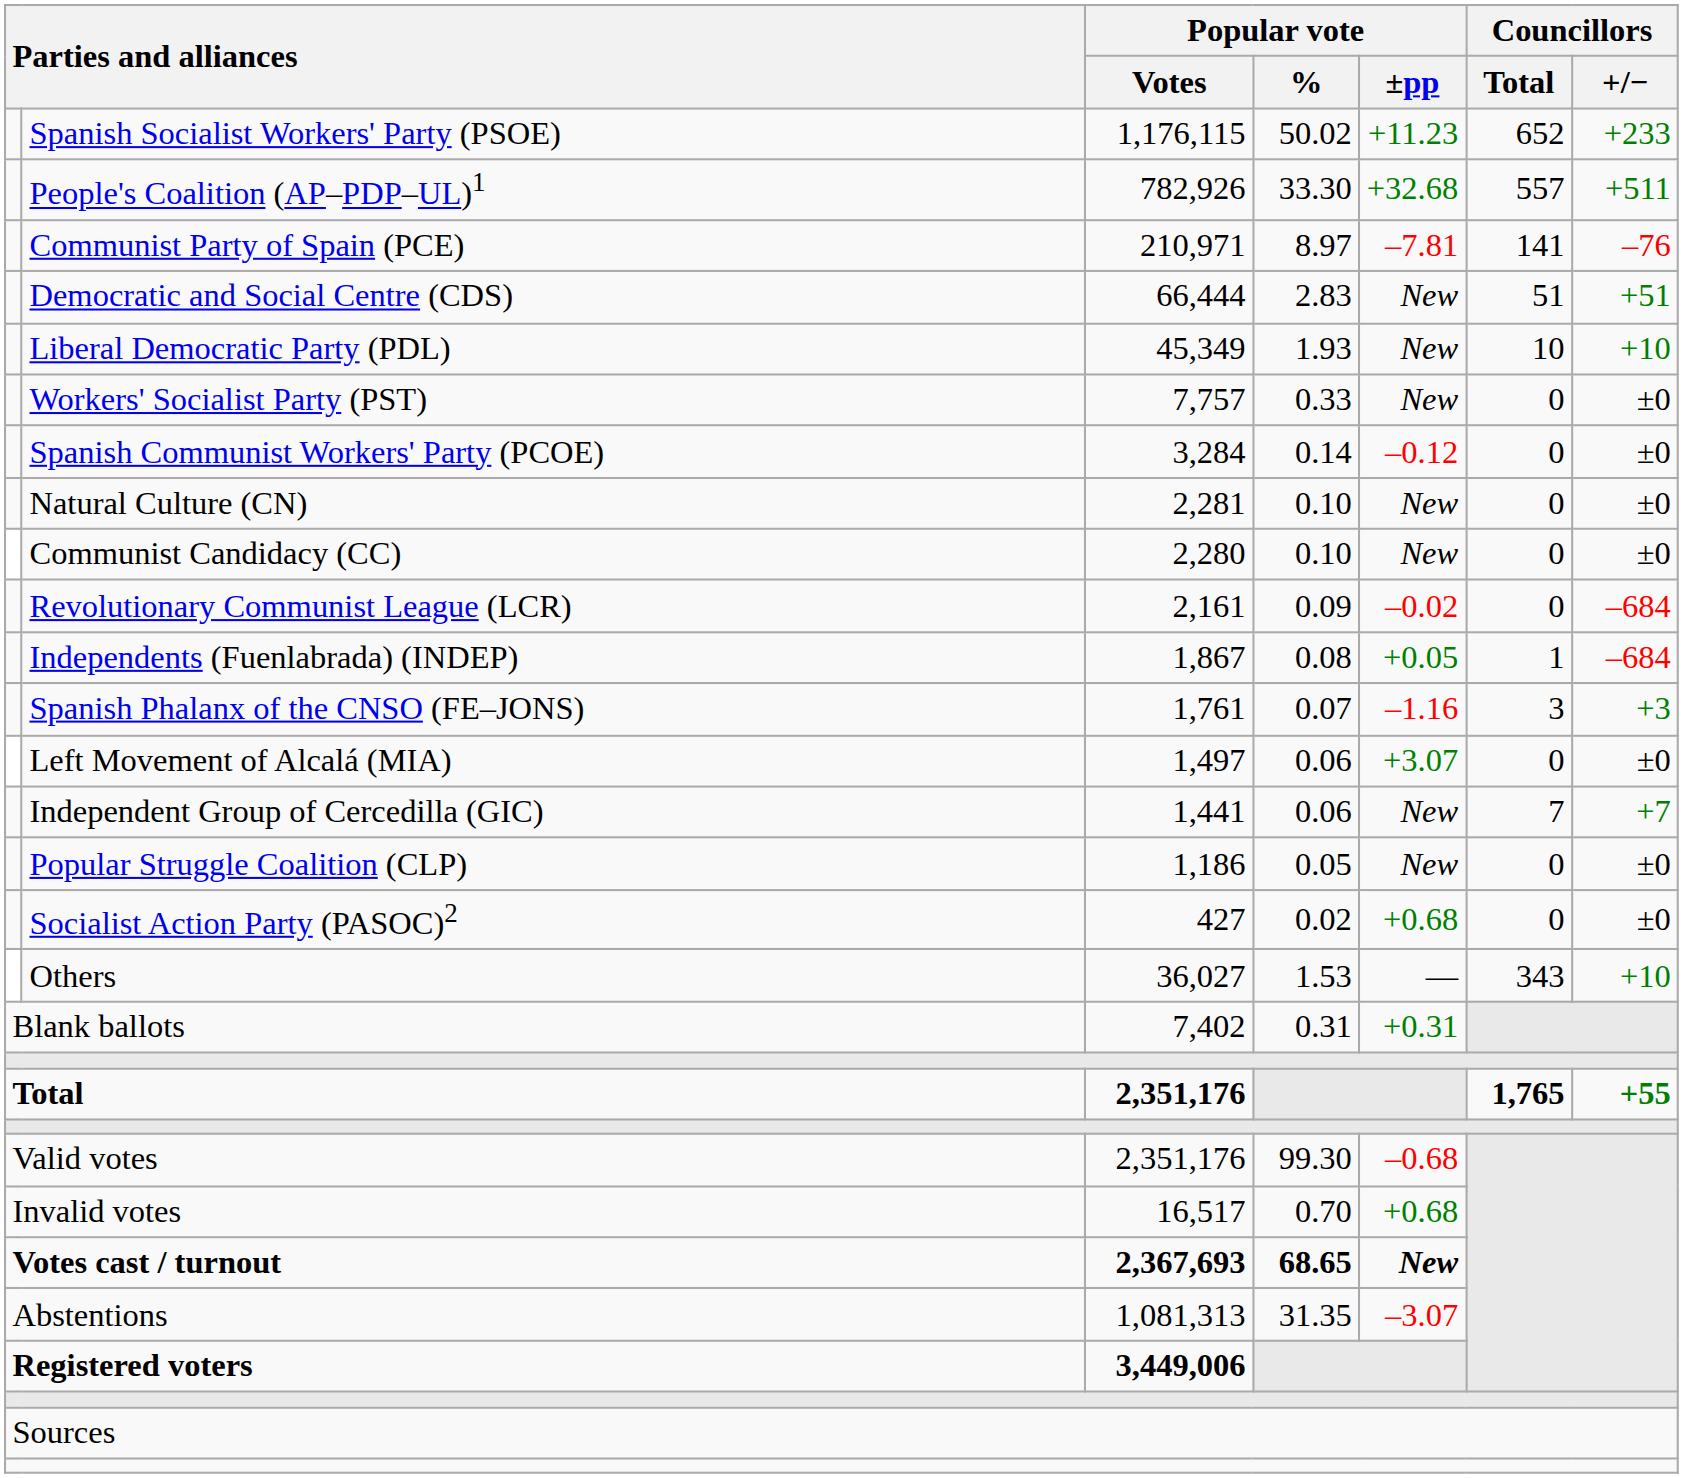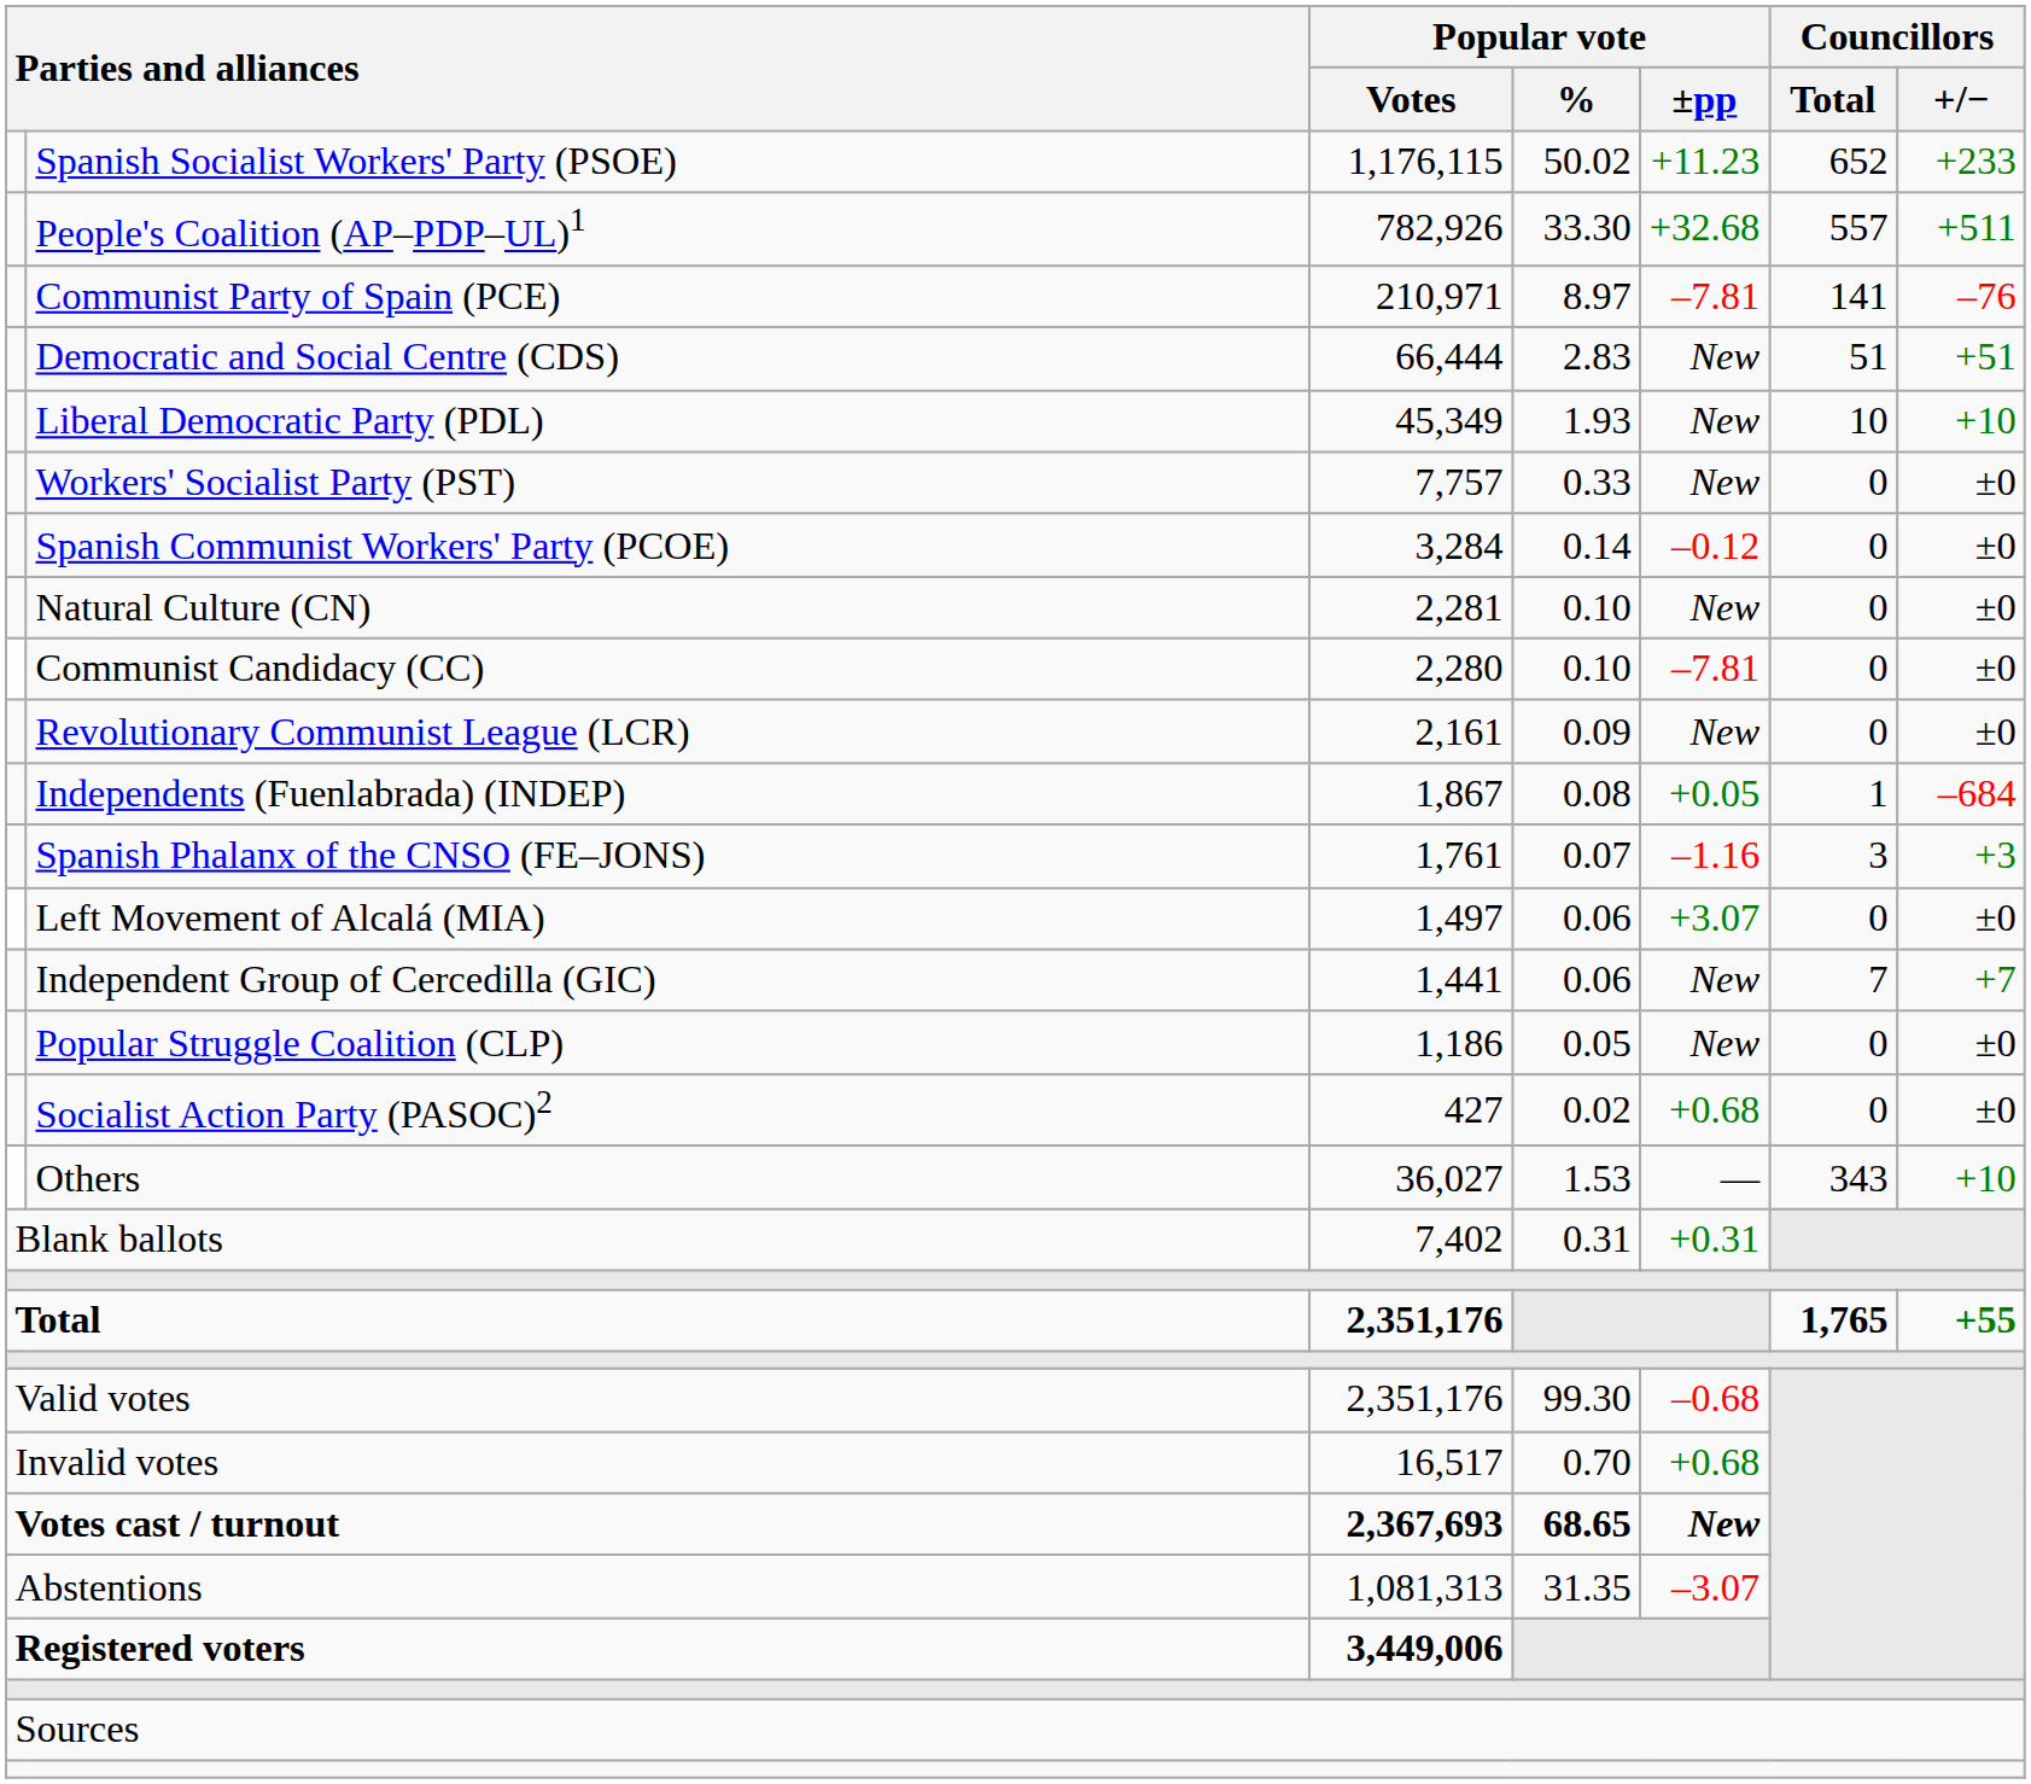 <table class="wikitable" style="text-align:right;">
 <tr>
 <th style="text-align:left;" rowspan="2" colspan="2" width="525">Parties and alliances</th>
 <th colspan="3">Popular vote</th>
 <th colspan="2">Councillors</th>
 </tr>
 <tr>
 <th width="75">Votes</th>
 <th width="45">%</th>
 <th width="45">±<a href='#'>pp</a></th>
 <th width="45">Total</th>
 <th width="45">+/−</th>
 </tr>
 <tr>
 <td width="1" style="color:inherit;background:"></td>
 <td align="left"><a href='#'>Spanish Socialist Workers' Party</a> (PSOE)</td>
 <td>1,176,115</td>
 <td>50.02</td>
 <td style="color:green;">+11.23</td>
 <td>652</td>
 <td style="color:green;">+233</td>
 </tr>
 <tr>
 <td style="color:inherit;background:"></td>
 <td align="left"><a href='#'>People's Coalition</a> (<a href='#'>AP</a>–<a href='#'>PDP</a>–<a href='#'>UL</a>)<sup>1</sup></td>
 <td>782,926</td>
 <td>33.30</td>
 <td style="color:green;">+32.68</td>
 <td>557</td>
 <td style="color:green;">+511</td>
 </tr>
 <tr>
 <td style="color:inherit;background:"></td>
 <td align="left"><a href='#'>Communist Party of Spain</a> (PCE)</td>
 <td>210,971</td>
 <td>8.97</td>
 <td style="color:red;">–7.81</td>
 <td>141</td>
 <td style="color:red;">–76</td>
 </tr>
 <tr>
 <td style="color:inherit;background:"></td>
 <td align="left"><a href='#'>Democratic and Social Centre</a> (CDS)</td>
 <td>66,444</td>
 <td>2.83</td>
 <td><em>New</em></td>
 <td>51</td>
 <td style="color:green;">+51</td>
 </tr>
 <tr>
 <td style="color:inherit;background:"></td>
 <td align="left"><a href='#'>Liberal Democratic Party</a> (PDL)</td>
 <td>45,349</td>
 <td>1.93</td>
 <td><em>New</em></td>
 <td>10</td>
 <td style="color:green;">+10</td>
 </tr>
 <tr>
 <td style="color:inherit;background:"></td>
 <td align="left"><a href='#'>Workers' Socialist Party</a> (PST)</td>
 <td>7,757</td>
 <td>0.33</td>
 <td><em>New</em></td>
 <td>0</td>
 <td>±0</td>
 </tr>
 <tr>
 <td style="color:inherit;background:"></td>
 <td align="left"><a href='#'>Spanish Communist Workers' Party</a> (PCOE)</td>
 <td>3,284</td>
 <td>0.14</td>
 <td style="color:red;">–0.12</td>
 <td>0</td>
 <td>±0</td>
 </tr>
 <tr>
 <td style="color:inherit;background:"></td>
 <td align="left">Natural Culture (CN)</td>
 <td>2,281</td>
 <td>0.10</td>
 <td><em>New</em></td>
 <td>0</td>
 <td>±0</td>
 </tr>
 <tr>
 <td bgcolor="white"></td>
 <td align="left">Communist Candidacy (CC)</td>
 <td>2,280</td>
 <td>0.10</td>
-<td><em>New</em></td>
+<td style="color:red;">–7.81</td>
 <td>0</td>
 <td>±0</td>
 </tr>
 <tr>
 <td style="color:inherit;background:"></td>
 <td align="left"><a href='#'>Revolutionary Communist League</a> (LCR)</td>
 <td>2,161</td>
 <td>0.09</td>
-<td style="color:red;">–0.02</td>
+<td><em>New</em></td>
 <td>0</td>
-<td style="color:red;">–684</td>
+<td>±0</td>
 </tr>
 <tr>
 <td style="color:inherit;background:"></td>
 <td align="left"><a href='#'>Independents</a> (Fuenlabrada) (INDEP)</td>
 <td>1,867</td>
 <td>0.08</td>
 <td style="color:green;">+0.05</td>
 <td>1</td>
 <td style="color:red;">–684</td>
 </tr>
 <tr>
 <td style="color:inherit;background:"></td>
 <td align="left"><a href='#'>Spanish Phalanx of the CNSO</a> (FE–JONS)</td>
 <td>1,761</td>
 <td>0.07</td>
 <td style="color:red;">–1.16</td>
 <td>3</td>
 <td style="color:green;">+3</td>
 </tr>
 <tr>
 <td bgcolor="white"></td>
 <td align="left">Left Movement of Alcalá (MIA)</td>
 <td>1,497</td>
 <td>0.06</td>
 <td style="color:green;">+3.07</td>
 <td>0</td>
 <td>±0</td>
 </tr>
 <tr>
 <td style="color:inherit;background:"></td>
 <td align="left">Independent Group of Cercedilla (GIC)</td>
 <td>1,441</td>
 <td>0.06</td>
 <td><em>New</em></td>
 <td>7</td>
 <td style="color:green;">+7</td>
 </tr>
 <tr>
 <td style="color:inherit;background:"></td>
 <td align="left"><a href='#'>Popular Struggle Coalition</a> (CLP)</td>
 <td>1,186</td>
 <td>0.05</td>
 <td><em>New</em></td>
 <td>0</td>
 <td>±0</td>
 </tr>
 <tr>
 <td style="color:inherit;background:"></td>
 <td align="left"><a href='#'>Socialist Action Party</a> (PASOC)<sup>2</sup></td>
 <td>427</td>
 <td>0.02</td>
 <td style="color:green;">+0.68</td>
 <td>0</td>
 <td>±0</td>
 </tr>
 <tr>
 <td bgcolor="white"></td>
 <td align="left">Others</td>
 <td>36,027</td>
 <td>1.53</td>
 <td>—</td>
 <td>343</td>
 <td style="color:green;">+10</td>
 </tr>
 <tr>
 <td align="left" colspan="2">Blank ballots</td>
 <td>7,402</td>
 <td>0.31</td>
 <td style="color:green;">+0.31</td>
 <td bgcolor="#E9E9E9" colspan="2"></td>
 </tr>
 <tr>
 <td colspan="7" bgcolor="#E9E9E9"></td>
 </tr>
 <tr style="font-weight:bold;">
 <td align="left" colspan="2">Total</td>
 <td>2,351,176</td>
 <td bgcolor="#E9E9E9" colspan="2"></td>
 <td>1,765</td>
 <td style="color:green;">+55</td>
 </tr>
 <tr>
 <td colspan="7" bgcolor="#E9E9E9"></td>
 </tr>
 <tr>
 <td align="left" colspan="2">Valid votes</td>
 <td>2,351,176</td>
 <td>99.30</td>
 <td style="color:red;">–0.68</td>
 <td bgcolor="#E9E9E9" colspan="2" rowspan="5"></td>
 </tr>
 <tr>
 <td align="left" colspan="2">Invalid votes</td>
 <td>16,517</td>
 <td>0.70</td>
 <td style="color:green;">+0.68</td>
 </tr>
 <tr style="font-weight:bold;">
 <td align="left" colspan="2">Votes cast / turnout</td>
 <td>2,367,693</td>
 <td>68.65</td>
 <td><em>New</em></td>
 </tr>
 <tr>
 <td align="left" colspan="2">Abstentions</td>
 <td>1,081,313</td>
 <td>31.35</td>
 <td style="color:red;">–3.07</td>
 </tr>
 <tr style="font-weight:bold;">
 <td align="left" colspan="2">Registered voters</td>
 <td>3,449,006</td>
 <td bgcolor="#E9E9E9" colspan="2"></td>
 </tr>
 <tr>
 <td colspan="7" bgcolor="#E9E9E9"></td>
 </tr>
 <tr>
 <td align="left" colspan="7">Sources</td>
 </tr>
 <tr>
 <td colspan="7" style="text-align:left; max-width:790px;"></td>
 </tr>
 </table>
